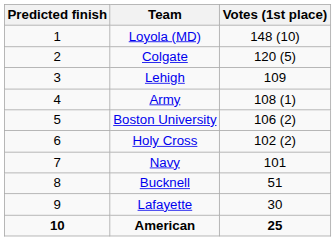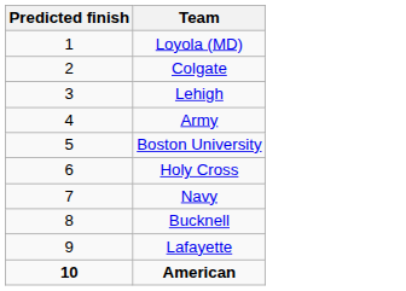 <table class="wikitable" border="1">
 <tr align=center>
 <th>Predicted finish</th>
 <th>Team</th>
-<th>Votes (1st place)</th>
 </tr>
 <tr align="center">
 <td>1</td>
 <td><a href='#'>Loyola (MD)</a></td>
-<td>148 (10)</td>
 </tr>
 <tr align="center">
 <td>2</td>
 <td><a href='#'>Colgate</a></td>
-<td>120 (5)</td>
 </tr>
 <tr align="center">
 <td>3</td>
 <td><a href='#'>Lehigh</a></td>
-<td>109</td>
 </tr>
 <tr align="center">
 <td>4</td>
 <td><a href='#'>Army</a></td>
-<td>108 (1)</td>
 </tr>
 <tr align="center">
 <td>5</td>
 <td><a href='#'>Boston University</a></td>
-<td>106 (2)</td>
 </tr>
 <tr align="center">
 <td>6</td>
 <td><a href='#'>Holy Cross</a></td>
-<td>102 (2)</td>
 </tr>
 <tr align="center">
 <td>7</td>
 <td><a href='#'>Navy</a></td>
-<td>101</td>
 </tr>
 <tr align="center">
 <td>8</td>
 <td><a href='#'>Bucknell</a></td>
-<td>51</td>
 </tr>
 <tr align="center">
 <td>9</td>
 <td><a href='#'>Lafayette</a></td>
-<td>30</td>
 </tr>
 <tr align="center">
 <td><strong>10</strong></td>
 <td><strong>American</strong></td>
-<td><strong>25</strong></td>
 </tr>
 </table>
